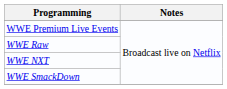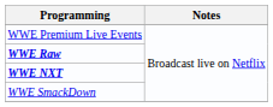 <table class="wikitable" style="background:#fcfdff; font-size:95%;">
 <tr>
 <th>Programming</th>
 <th>Notes</th>
 </tr>
 <tr>
 </tr>
 <tr>
 <td><a href='#'>WWE Premium Live Events</a></td>
 <td rowspan="4">Broadcast live on <a href='#'>Netflix</a></td>
 </tr>
 <tr>
-<td><em><a href='#'>WWE Raw</a></em></td>
+<td><strong><em><a href='#'>WWE Raw</a></em></strong></td>
 </tr>
 <tr>
-<td><em><a href='#'>WWE NXT</a></em></td>
+<td><strong><em><a href='#'>WWE NXT</a></em></strong></td>
 </tr>
 <tr>
 <td><em><a href='#'>WWE SmackDown</a></em></td>
 </tr>
 <tr>
 </tr>
 </table>
